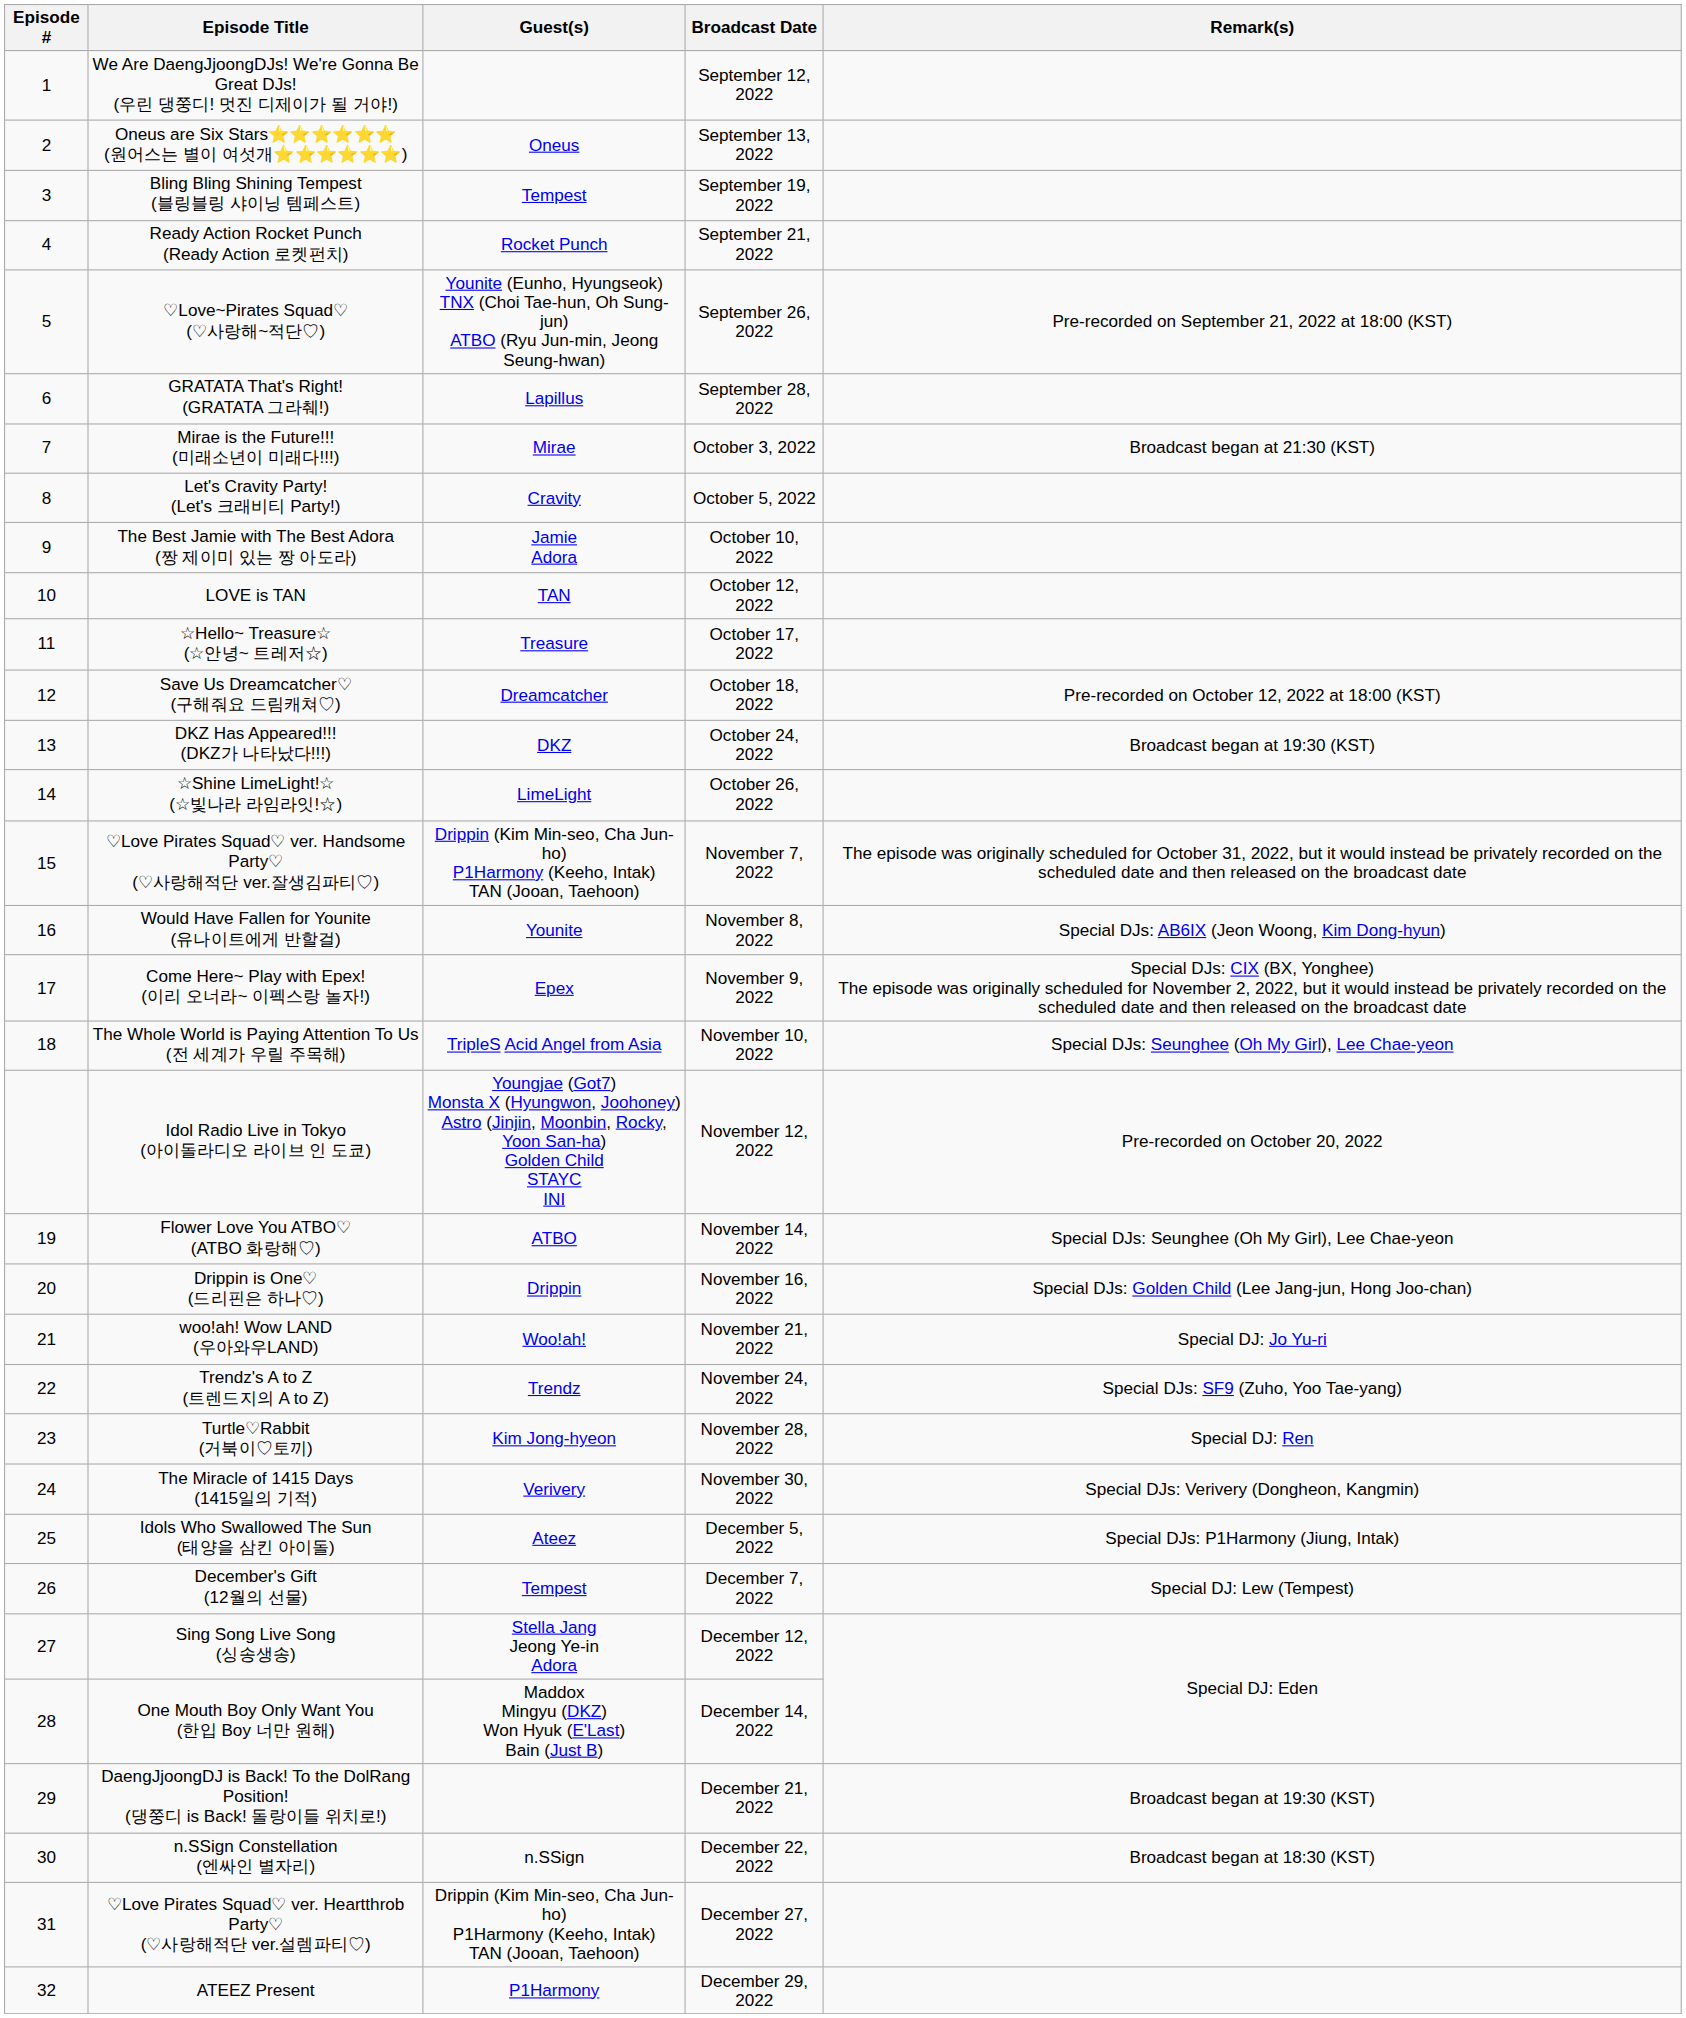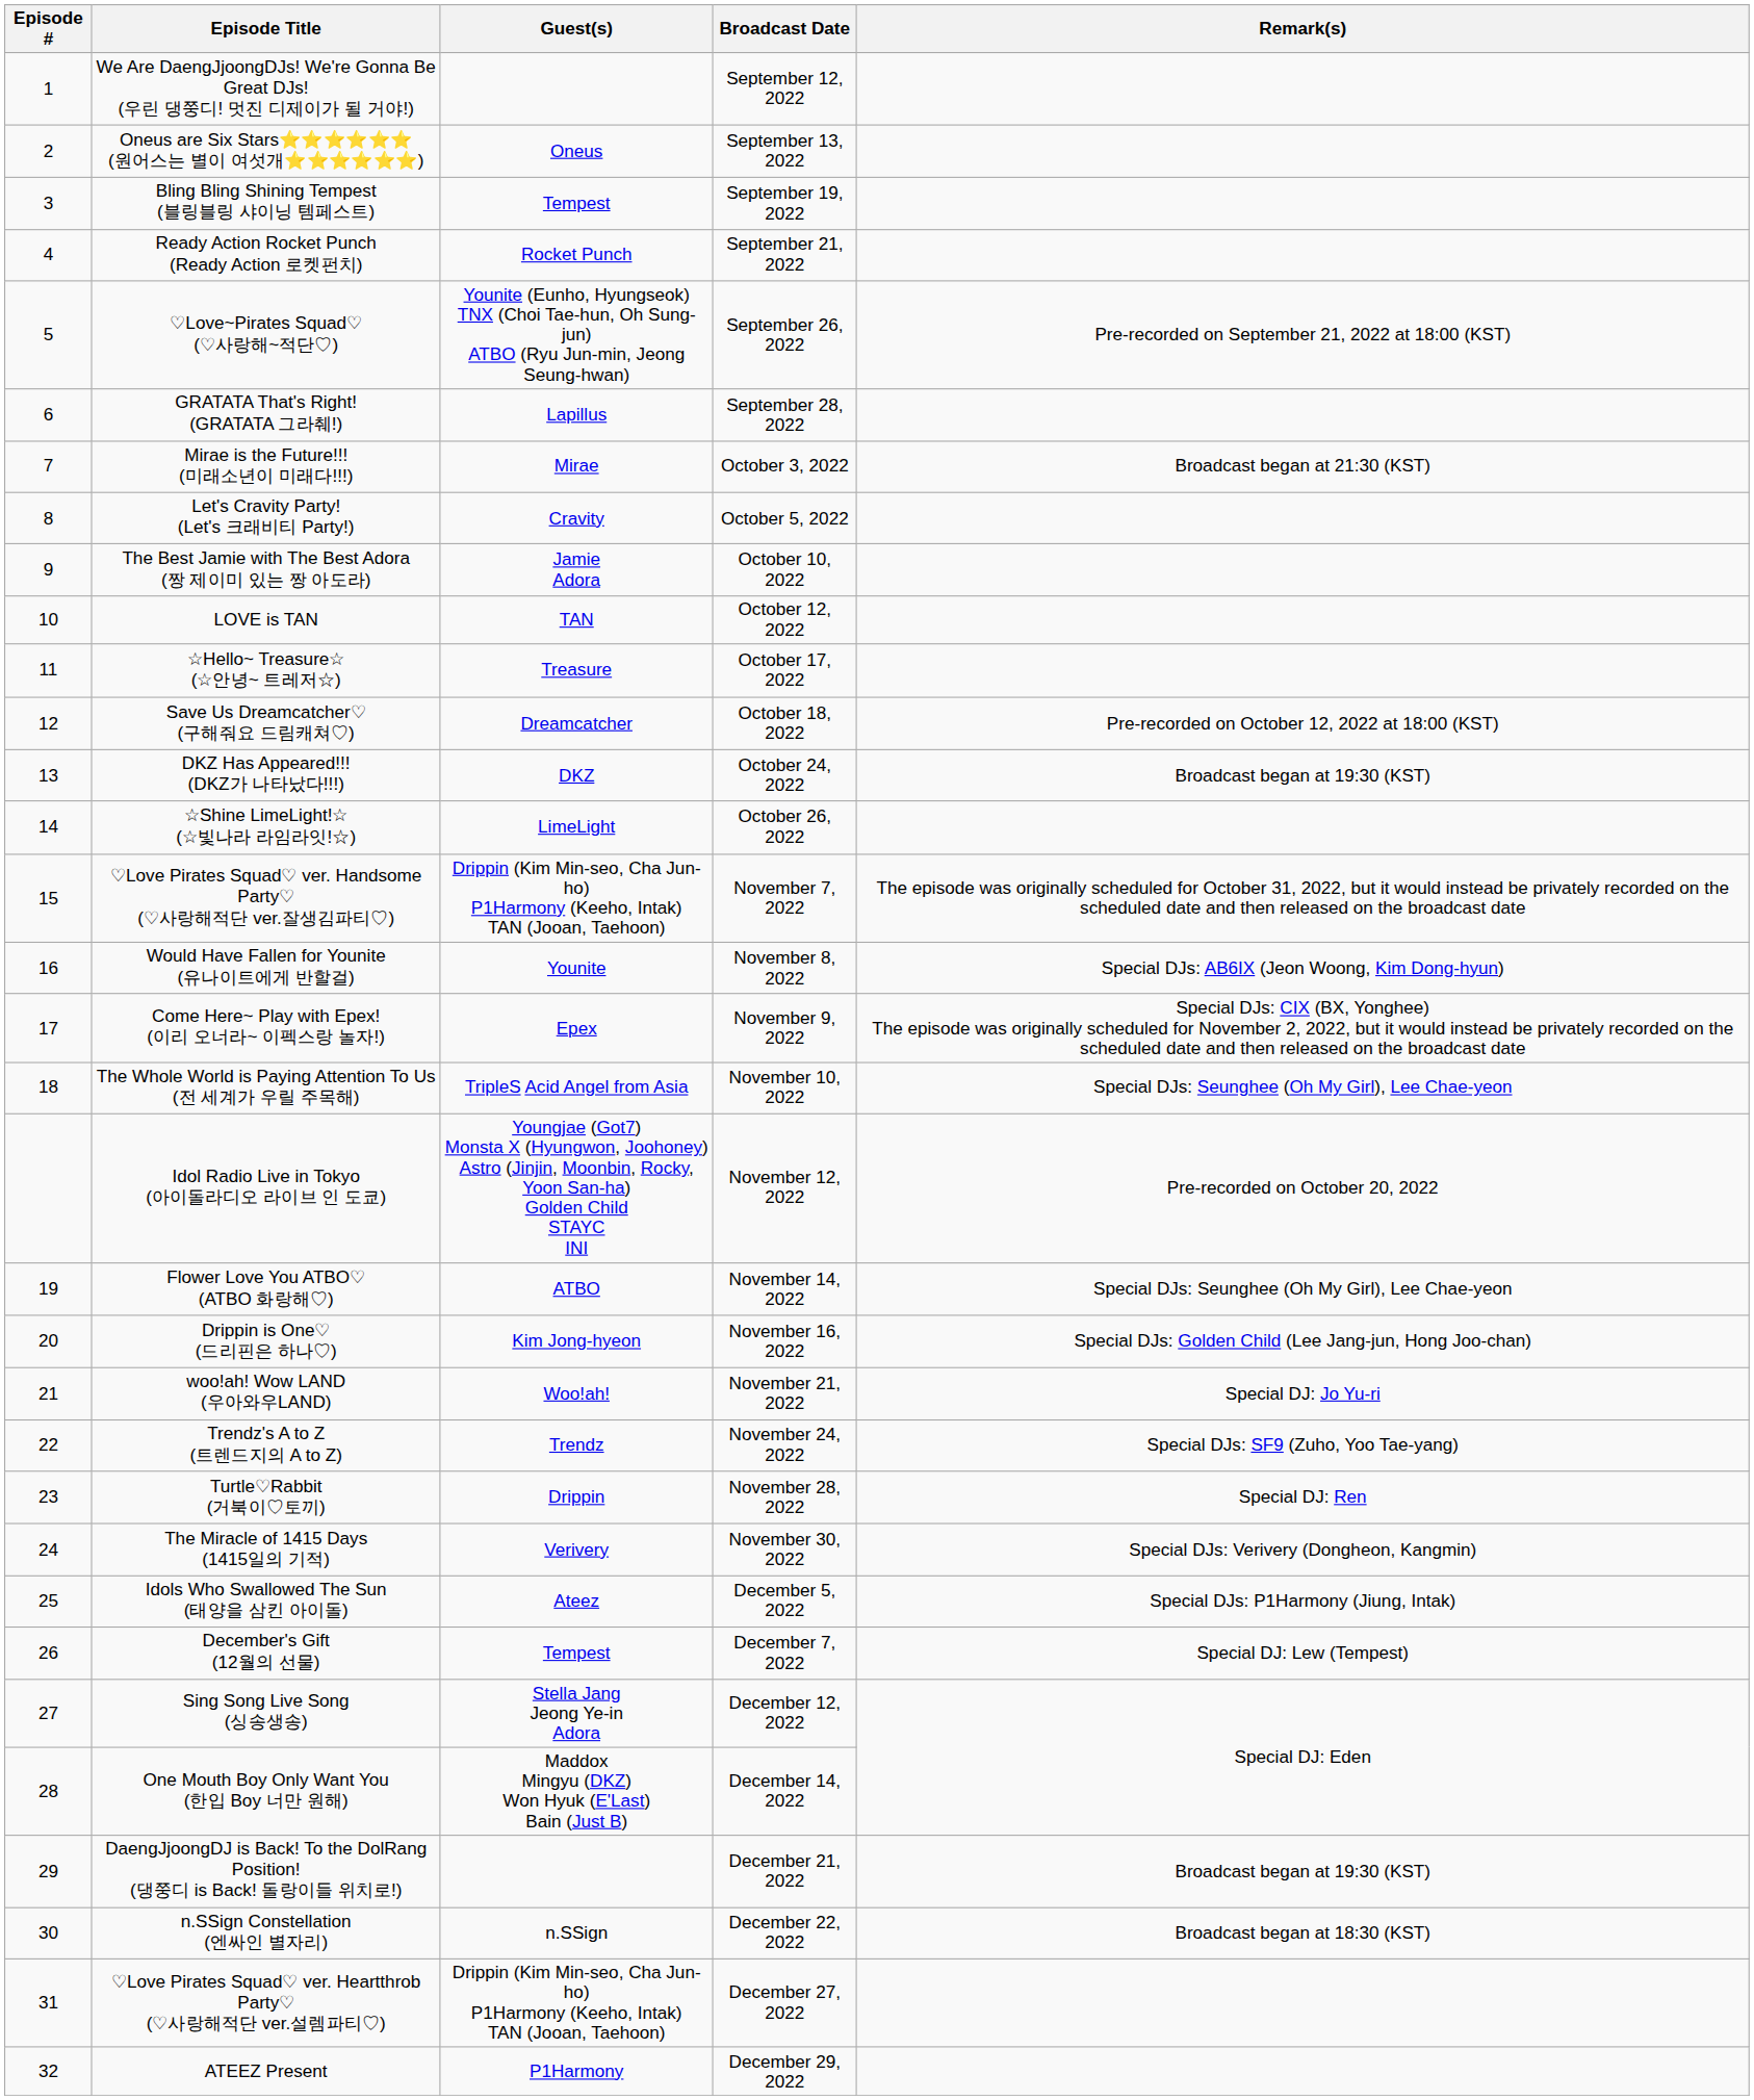 <table class="wikitable" style="text-align:center">
 <tr>
 <th>Episode #</th>
 <th>Episode Title</th>
 <th>Guest(s)</th>
 <th>Broadcast Date</th>
 <th>Remark(s)</th>
 </tr>
 <tr>
 <td>1</td>
 <td>We Are DaengJjoongDJs! We're Gonna Be Great DJs!<br>(우린 댕쭝디! 멋진 디제이가 될 거야!)</td>
 <td></td>
 <td>September 12, 2022</td>
 <td></td>
 </tr>
 <tr>
 <td>2</td>
 <td>Oneus are Six Stars⭐⭐⭐⭐⭐⭐<br>(원어스는 별이 여섯개⭐⭐⭐⭐⭐⭐)</td>
 <td><a href='#'>Oneus</a></td>
 <td>September 13, 2022</td>
 <td></td>
 </tr>
 <tr>
 <td>3</td>
 <td>Bling Bling Shining Tempest<br>(블링블링 샤이닝 템페스트)</td>
 <td><a href='#'>Tempest</a></td>
 <td>September 19, 2022</td>
 <td></td>
 </tr>
 <tr>
 <td>4</td>
 <td>Ready Action Rocket Punch<br>(Ready Action 로켓펀치)</td>
 <td><a href='#'>Rocket Punch</a></td>
 <td>September 21, 2022</td>
 <td></td>
 </tr>
 <tr>
 <td>5</td>
 <td>♡Love~Pirates Squad♡<br>(♡사랑해~적단♡)</td>
 <td><a href='#'>Younite</a> (Eunho, Hyungseok)<br><a href='#'>TNX</a> (Choi Tae-hun, Oh Sung-jun)<br><a href='#'>ATBO</a> (Ryu Jun-min, Jeong Seung-hwan)</td>
 <td>September 26, 2022</td>
 <td>Pre-recorded on September 21, 2022 at 18:00 (KST)</td>
 </tr>
 <tr>
 <td>6</td>
 <td>GRATATA That's Right!<br>(GRATATA 그라췌!)</td>
 <td><a href='#'>Lapillus</a></td>
 <td>September 28, 2022</td>
 <td></td>
 </tr>
 <tr>
 <td>7</td>
 <td>Mirae is the Future!!!<br>(미래소년이 미래다!!!)</td>
 <td><a href='#'>Mirae</a></td>
 <td>October 3, 2022</td>
 <td>Broadcast began at 21:30 (KST)</td>
 </tr>
 <tr>
 <td>8</td>
 <td>Let's Cravity Party!<br>(Let's 크래비티 Party!)</td>
 <td><a href='#'>Cravity</a></td>
 <td>October 5, 2022</td>
 <td></td>
 </tr>
 <tr>
 <td>9</td>
 <td>The Best Jamie with The Best Adora<br>(짱 제이미 있는 짱 아도라)</td>
 <td><a href='#'>Jamie</a><br><a href='#'>Adora</a></td>
 <td>October 10, 2022</td>
 <td></td>
 </tr>
 <tr>
 <td>10</td>
 <td>LOVE is TAN</td>
 <td><a href='#'>TAN</a></td>
 <td>October 12, 2022</td>
 <td></td>
 </tr>
 <tr>
 <td>11</td>
 <td>☆Hello~ Treasure☆<br>(☆안녕~ 트레저☆)</td>
 <td><a href='#'>Treasure</a></td>
 <td>October 17, 2022</td>
 <td></td>
 </tr>
 <tr>
 <td>12</td>
 <td>Save Us Dreamcatcher♡<br>(구해줘요 드림캐쳐♡)</td>
 <td><a href='#'>Dreamcatcher</a></td>
 <td>October 18, 2022</td>
 <td>Pre-recorded on October 12, 2022 at 18:00 (KST)</td>
 </tr>
 <tr>
 <td>13</td>
 <td>DKZ Has Appeared!!!<br>(DKZ가 나타났다!!!)</td>
 <td><a href='#'>DKZ</a></td>
 <td>October 24, 2022</td>
 <td>Broadcast began at 19:30 (KST)</td>
 </tr>
 <tr>
 <td>14</td>
 <td>☆Shine LimeLight!☆<br>(☆빛나라 라임라잇!☆)</td>
 <td><a href='#'>LimeLight</a></td>
 <td>October 26, 2022</td>
 <td></td>
 </tr>
 <tr>
 <td>15</td>
 <td>♡Love Pirates Squad♡ ver. Handsome Party♡<br>(♡사랑해적단 ver.잘생김파티♡)</td>
 <td><a href='#'>Drippin</a> (Kim Min-seo, Cha Jun-ho)<br><a href='#'>P1Harmony</a> (Keeho, Intak)<br>TAN (Jooan, Taehoon)</td>
 <td>November 7, 2022</td>
 <td>The episode was originally scheduled for October 31, 2022, but it would instead be privately recorded on the scheduled date and then released on the broadcast date</td>
 </tr>
 <tr>
 <td>16</td>
 <td>Would Have Fallen for Younite<br>(유나이트에게 반할걸)</td>
 <td><a href='#'>Younite</a></td>
 <td>November 8, 2022</td>
 <td>Special DJs: <a href='#'>AB6IX</a> (Jeon Woong, <a href='#'>Kim Dong-hyun</a>)</td>
 </tr>
 <tr>
 <td>17</td>
 <td>Come Here~ Play with Epex!<br>(이리 오너라~ 이펙스랑 놀자!)</td>
 <td><a href='#'>Epex</a></td>
 <td>November 9, 2022</td>
 <td>Special DJs: <a href='#'>CIX</a> (BX, Yonghee)<br>The episode was originally scheduled for November 2, 2022, but it would instead be privately recorded on the scheduled date and then released on the broadcast date</td>
 </tr>
 <tr>
 <td>18</td>
 <td>The Whole World is Paying Attention To Us<br>(전 세계가 우릴 주목해)</td>
 <td><a href='#'>TripleS</a> <a href='#'>Acid Angel from Asia</a></td>
 <td>November 10, 2022</td>
 <td>Special DJs: <a href='#'>Seunghee</a> (<a href='#'>Oh My Girl</a>), <a href='#'>Lee Chae-yeon</a></td>
 </tr>
 <tr>
 <td></td>
 <td>Idol Radio Live in Tokyo<br>(아이돌라디오 라이브 인 도쿄)</td>
 <td><a href='#'>Youngjae</a> (<a href='#'>Got7</a>)<br><a href='#'>Monsta X</a> (<a href='#'>Hyungwon</a>, <a href='#'>Joohoney</a>)<br><a href='#'>Astro</a> (<a href='#'>Jinjin</a>, <a href='#'>Moonbin</a>, <a href='#'>Rocky</a>, <a href='#'>Yoon San-ha</a>)<br><a href='#'>Golden Child</a><br><a href='#'>STAYC</a><br><a href='#'>INI</a></td>
 <td>November 12, 2022</td>
 <td>Pre-recorded on October 20, 2022</td>
 </tr>
 <tr>
 <td>19</td>
 <td>Flower Love You ATBO♡<br>(ATBO 화랑해♡)</td>
 <td><a href='#'>ATBO</a></td>
 <td>November 14, 2022</td>
 <td>Special DJs: Seunghee (Oh My Girl), Lee Chae-yeon</td>
 </tr>
 <tr>
 <td>20</td>
 <td>Drippin is One♡<br>(드리핀은 하나♡)</td>
-<td><a href='#'>Drippin</a></td>
+<td><a href='#'>Kim Jong-hyeon</a></td>
 <td>November 16, 2022</td>
 <td>Special DJs: <a href='#'>Golden Child</a> (Lee Jang-jun, Hong Joo-chan)</td>
 </tr>
 <tr>
 <td>21</td>
 <td>woo!ah! Wow LAND<br>(우아와우LAND)</td>
 <td><a href='#'>Woo!ah!</a></td>
 <td>November 21, 2022</td>
 <td>Special DJ: <a href='#'>Jo Yu-ri</a></td>
 </tr>
 <tr>
 <td>22</td>
 <td>Trendz's A to Z<br>(트렌드지의 A to Z)</td>
 <td><a href='#'>Trendz</a></td>
 <td>November 24, 2022</td>
 <td>Special DJs: <a href='#'>SF9</a> (Zuho, Yoo Tae-yang)</td>
 </tr>
 <tr>
 <td>23</td>
 <td>Turtle♡Rabbit<br>(거북이♡토끼)</td>
-<td><a href='#'>Kim Jong-hyeon</a></td>
+<td><a href='#'>Drippin</a></td>
 <td>November 28, 2022</td>
 <td>Special DJ: <a href='#'>Ren</a></td>
 </tr>
 <tr>
 <td>24</td>
 <td>The Miracle of 1415 Days<br>(1415일의 기적)</td>
 <td><a href='#'>Verivery</a></td>
 <td>November 30, 2022</td>
 <td>Special DJs: Verivery (Dongheon, Kangmin)</td>
 </tr>
 <tr>
 <td>25</td>
 <td>Idols Who Swallowed The Sun<br>(태양을 삼킨 아이돌)</td>
 <td><a href='#'>Ateez</a></td>
 <td>December 5, 2022</td>
 <td>Special DJs: P1Harmony (Jiung, Intak)</td>
 </tr>
 <tr>
 <td>26</td>
 <td>December's Gift<br>(12월의 선물)</td>
 <td><a href='#'>Tempest</a></td>
 <td>December 7, 2022</td>
 <td>Special DJ: Lew (Tempest)</td>
 </tr>
 <tr>
 <td>27</td>
 <td>Sing Song Live Song<br>(싱송생송)</td>
 <td><a href='#'>Stella Jang</a><br>Jeong Ye-in<br><a href='#'>Adora</a></td>
 <td>December 12, 2022</td>
 <td rowspan="2">Special DJ: Eden</td>
 </tr>
 <tr>
 <td>28</td>
 <td>One Mouth Boy Only Want You<br>(한입 Boy 너만 원해)</td>
 <td>Maddox<br>Mingyu (<a href='#'>DKZ</a>)<br>Won Hyuk (<a href='#'>E'Last</a>)<br>Bain (<a href='#'>Just B</a>)</td>
 <td>December 14, 2022</td>
 </tr>
 <tr>
 <td>29</td>
 <td>DaengJjoongDJ is Back! To the DolRang Position!<br>(댕쭝디 is Back! 돌랑이들 위치로!)</td>
 <td></td>
 <td>December 21, 2022</td>
 <td>Broadcast began at 19:30 (KST)</td>
 </tr>
 <tr>
 <td>30</td>
 <td>n.SSign Constellation<br>(엔싸인 별자리)</td>
 <td>n.SSign</td>
 <td>December 22, 2022</td>
 <td>Broadcast began at 18:30 (KST)</td>
 </tr>
 <tr>
 <td>31</td>
 <td>♡Love Pirates Squad♡ ver. Heartthrob Party♡<br>(♡사랑해적단 ver.설렘파티♡)</td>
 <td>Drippin (Kim Min-seo, Cha Jun-ho)<br>P1Harmony (Keeho, Intak)<br>TAN (Jooan, Taehoon)</td>
 <td>December 27, 2022</td>
 <td></td>
 </tr>
 <tr>
 <td>32</td>
 <td>ATEEZ Present</td>
 <td><a href='#'>P1Harmony</a></td>
 <td>December 29, 2022</td>
 <td></td>
 </tr>
 <tr>
 </tr>
 </table>
